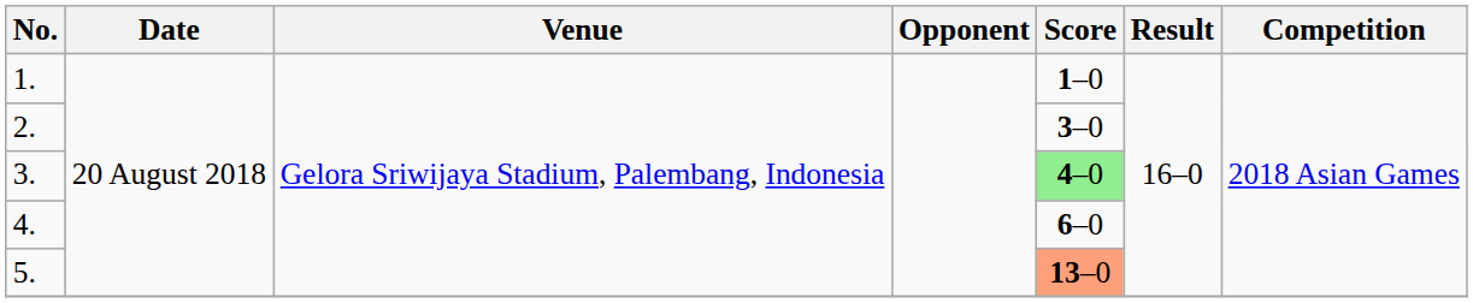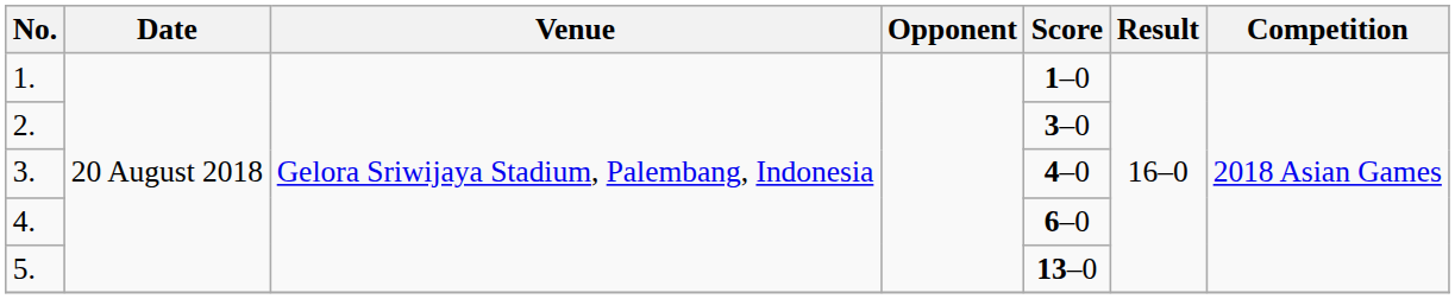 <table class="wikitable">
 <tr>
 <th>No.</th>
 <th>Date</th>
 <th>Venue</th>
 <th>Opponent</th>
 <th>Score</th>
 <th>Result</th>
 <th>Competition</th>
 </tr>
 <tr>
 <td>1.</td>
 <td rowspan=5>20 August 2018</td>
 <td rowspan=5><a href='#'>Gelora Sriwijaya Stadium</a>, <a href='#'>Palembang</a>, <a href='#'>Indonesia</a></td>
 <td rowspan=5></td>
 <td align=center><strong>1</strong>–0</td>
 <td rowspan=5 align=center>16–0</td>
 <td rowspan=5><a href='#'>2018 Asian Games</a></td>
 </tr>
 <tr>
 <td>2.</td>
 <td align=center><strong>3</strong>–0</td>
 </tr>
 <tr>
 <td>3.</td>
-<td align=center style="background: lightgreen;"><strong>4</strong>–0</td>
+<td align=center><strong>4</strong>–0</td>
 </tr>
 <tr>
 <td>4.</td>
 <td align=center><strong>6</strong>–0</td>
 </tr>
 <tr>
 <td>5.</td>
-<td align=center style="background: lightsalmon;"><strong>13</strong>–0</td>
+<td align=center><strong>13</strong>–0</td>
 </tr>
 <tr>
 </tr>
 </table>
